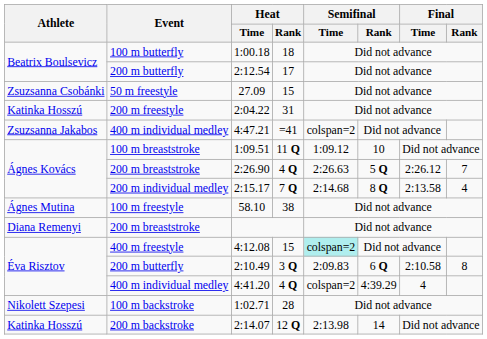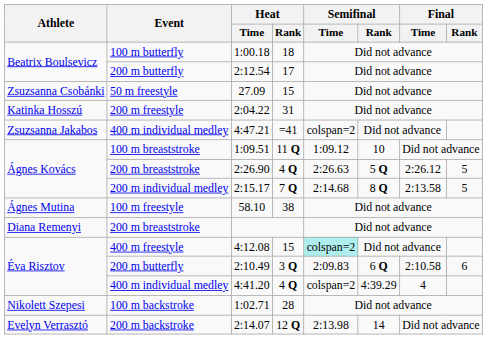 <table class=wikitable style="font-size:90%">
 <tr>
 <th rowspan="2">Athlete</th>
 <th rowspan="2">Event</th>
 <th colspan="2">Heat</th>
 <th colspan="2">Semifinal</th>
 <th colspan="2">Final</th>
 </tr>
 <tr style="font-size:95%">
 <th>Time</th>
 <th>Rank</th>
 <th>Time</th>
 <th>Rank</th>
 <th>Time</th>
 <th>Rank</th>
 </tr>
 <tr align=center>
 <td align=left rowspan=2><a href='#'>Beatrix Boulsevicz</a></td>
 <td align=left><a href='#'>100 m butterfly</a></td>
 <td>1:00.18</td>
 <td>18</td>
 <td colspan=4>Did not advance</td>
 </tr>
 <tr align=center>
 <td align=left><a href='#'>200 m butterfly</a></td>
 <td>2:12.54</td>
 <td>17</td>
 <td colspan=4>Did not advance</td>
 </tr>
 <tr align=center>
 <td align=left><a href='#'>Zsuzsanna Csobánki</a></td>
 <td align=left><a href='#'>50 m freestyle</a></td>
 <td>27.09</td>
 <td>15</td>
 <td colspan=4>Did not advance</td>
 </tr>
 <tr align=center>
 <td align=left><a href='#'>Katinka Hosszú</a></td>
 <td align=left><a href='#'>200 m freestyle</a></td>
 <td>2:04.22</td>
 <td>31</td>
 <td colspan=4>Did not advance</td>
 </tr>
 <tr align=center>
 <td align=left><a href='#'>Zsuzsanna Jakabos</a></td>
 <td align=left><a href='#'>400 m individual medley</a></td>
 <td>4:47.21</td>
 <td>=41</td>
 <td>colspan=2 </td>
 <td colspan=2>Did not advance</td>
 </tr>
 <tr align=center>
 <td align=left rowspan=3><a href='#'>Ágnes Kovács</a></td>
 <td align=left><a href='#'>100 m breaststroke</a></td>
 <td>1:09.51</td>
 <td>11 <strong>Q</strong></td>
 <td>1:09.12</td>
 <td>10</td>
 <td colspan=2>Did not advance</td>
 </tr>
 <tr align=center>
 <td align=left><a href='#'>200 m breaststroke</a></td>
 <td>2:26.90</td>
 <td>4 <strong>Q</strong></td>
 <td>2:26.63</td>
 <td>5 <strong>Q</strong></td>
 <td>2:26.12</td>
-<td>7</td>
+<td>5</td>
 </tr>
 <tr align=center>
 <td align=left><a href='#'>200 m individual medley</a></td>
 <td>2:15.17</td>
 <td>7 <strong>Q</strong></td>
 <td>2:14.68</td>
 <td>8 <strong>Q</strong></td>
 <td>2:13.58</td>
-<td>4</td>
+<td>5</td>
 </tr>
 <tr align=center>
 <td align=left><a href='#'>Ágnes Mutina</a></td>
 <td align=left><a href='#'>100 m freestyle</a></td>
 <td>58.10</td>
 <td>38</td>
 <td colspan=4>Did not advance</td>
 </tr>
 <tr align=center>
 <td align=left><a href='#'>Diana Remenyi</a></td>
 <td align=left><a href='#'>200 m breaststroke</a></td>
 <td colspan=2></td>
 <td colspan=4>Did not advance</td>
 </tr>
 <tr align=center>
 <td align=left rowspan=3><a href='#'>Éva Risztov</a></td>
 <td align=left><a href='#'>400 m freestyle</a></td>
 <td>4:12.08</td>
 <td>15</td>
 <td style="background: paleturquoise;">colspan=2 </td>
 <td colspan=2>Did not advance</td>
 </tr>
 <tr align=center>
 <td align=left><a href='#'>200 m butterfly</a></td>
 <td>2:10.49</td>
 <td>3 <strong>Q</strong></td>
 <td>2:09.83</td>
 <td>6 <strong>Q</strong></td>
 <td>2:10.58</td>
-<td>8</td>
+<td>6</td>
 </tr>
 <tr align=center>
 <td align=left><a href='#'>400 m individual medley</a></td>
 <td>4:41.20</td>
 <td>4 <strong>Q</strong></td>
 <td>colspan=2 </td>
 <td>4:39.29</td>
 <td>4</td>
 </tr>
 <tr align=center>
 <td align=left><a href='#'>Nikolett Szepesi</a></td>
 <td align=left><a href='#'>100 m backstroke</a></td>
 <td>1:02.71</td>
 <td>28</td>
 <td colspan=4>Did not advance</td>
 </tr>
 <tr align=center>
-<td align=left><a href='#'>Katinka Hosszú</a></td>
+<td align=left><a href='#'>Evelyn Verrasztó</a></td>
 <td align=left><a href='#'>200 m backstroke</a></td>
 <td>2:14.07</td>
 <td>12 <strong>Q</strong></td>
 <td>2:13.98</td>
 <td>14</td>
 <td colspan=2>Did not advance</td>
 </tr>
 </table>
